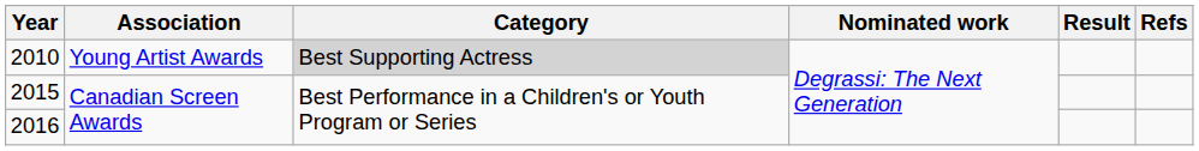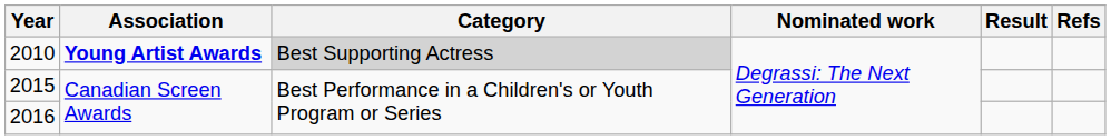 <table class="wikitable sortable">
 <tr>
 <th>Year</th>
 <th>Association</th>
 <th>Category</th>
 <th>Nominated work</th>
 <th>Result</th>
 <th class="unsortable">Refs</th>
 </tr>
 <tr>
 <td>2010</td>
-<td><a href='#'>Young Artist Awards</a></td>
+<td><strong><a href='#'>Young Artist Awards</a></strong></td>
 <td style="background: lightgrey;">Best Supporting Actress</td>
 <td rowspan="3"><em><a href='#'>Degrassi: The Next Generation</a></em></td>
 <td></td>
 <td style="text-align:center;"></td>
 </tr>
 <tr>
 <td>2015</td>
 <td rowspan="2"><a href='#'>Canadian Screen Awards</a></td>
 <td rowspan="2">Best Performance in a Children's or Youth Program or Series</td>
 <td></td>
 <td style="text-align:center;"></td>
 </tr>
 <tr>
 <td>2016</td>
 <td></td>
 <td style="text-align:center;"></td>
 </tr>
 </table>
